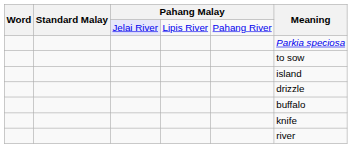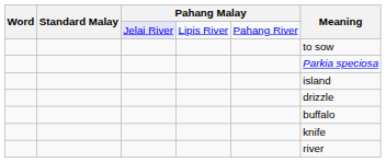 <table class="wikitable">
 <tr>
 <th rowspan="2" style="text-align: center;">Word</th>
 <th rowspan="2" style="text-align: center;">Standard Malay</th>
 <th colspan="3" style="text-align: center;">Pahang Malay</th>
 <th rowspan="2" style="text-align: center;">Meaning</th>
 </tr>
 <tr>
 <td style="background: lavender;"><a href='#'>Jelai River</a></td>
 <td><a href='#'>Lipis River</a></td>
 <td><a href='#'>Pahang River</a></td>
 </tr>
 <tr>
 <td></td>
 <td></td>
 <td></td>
 <td></td>
 <td></td>
-<td><em><a href='#'>Parkia speciosa</a></em></td>
+<td>to sow</td>
 </tr>
 <tr>
 <td></td>
 <td></td>
 <td></td>
 <td></td>
 <td></td>
-<td>to sow</td>
+<td><em><a href='#'>Parkia speciosa</a></em></td>
 </tr>
 <tr>
 <td></td>
 <td></td>
 <td></td>
 <td></td>
 <td></td>
 <td>island</td>
 </tr>
 <tr>
 <td></td>
 <td></td>
 <td></td>
 <td></td>
 <td></td>
 <td>drizzle</td>
 </tr>
 <tr>
 <td></td>
 <td></td>
 <td></td>
 <td></td>
 <td></td>
 <td>buffalo</td>
 </tr>
 <tr>
 <td></td>
 <td></td>
 <td></td>
 <td></td>
 <td></td>
 <td>knife</td>
 </tr>
 <tr>
 <td></td>
 <td></td>
 <td></td>
 <td></td>
 <td></td>
 <td>river</td>
 </tr>
 </table>
